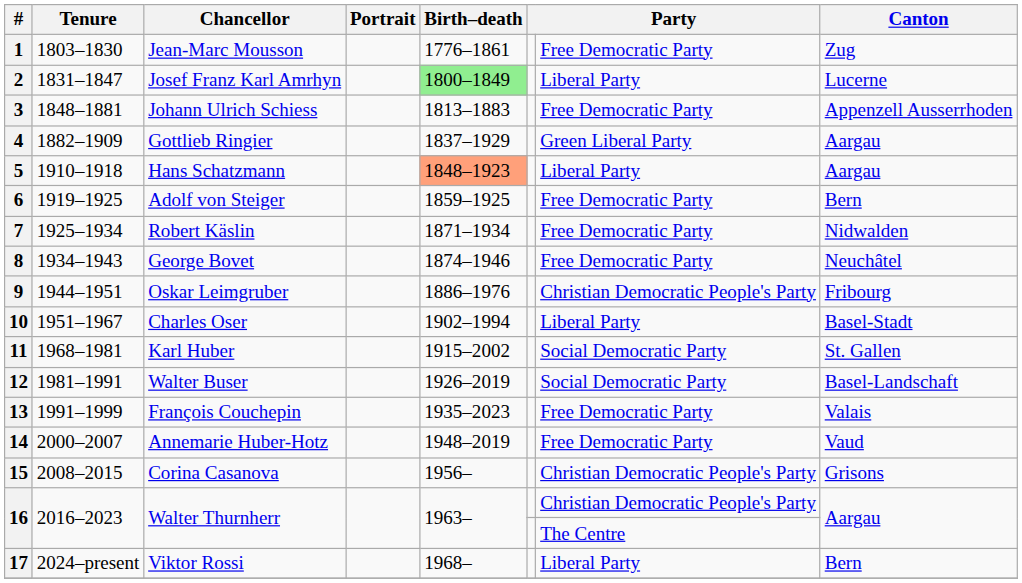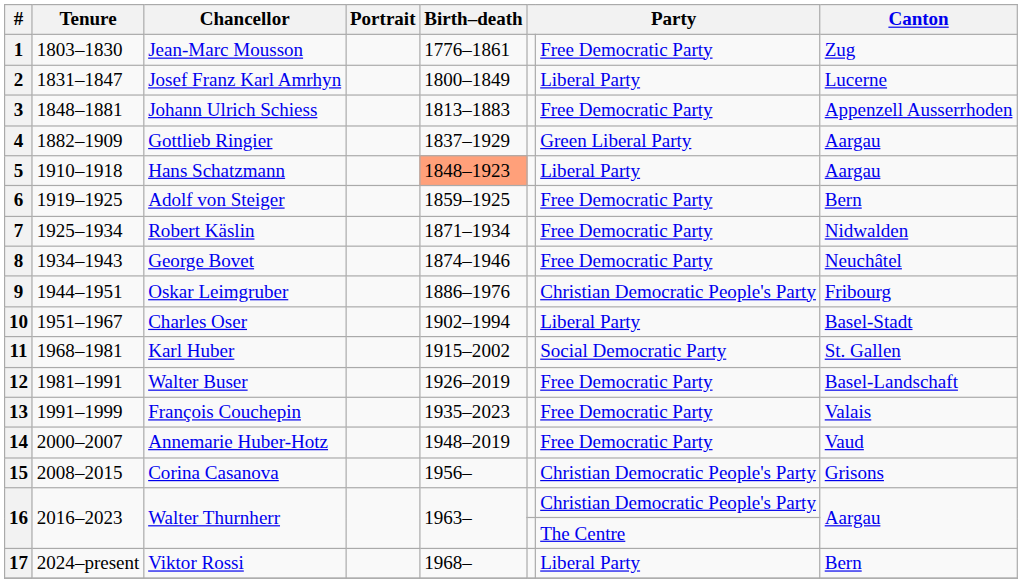 <table class="wikitable">
 <tr>
 <th>#</th>
 <th>Tenure</th>
 <th>Chancellor</th>
 <th>Portrait</th>
 <th>Birth–death</th>
 <th colspan=2>Party</th>
 <th><a href='#'>Canton</a></th>
 </tr>
 <tr>
 <th>1</th>
 <td>1803–1830</td>
 <td><a href='#'>Jean-Marc Mousson</a></td>
 <td></td>
 <td>1776–1861</td>
 <td style="background-color: "></td>
 <td><a href='#'>Free Democratic Party</a></td>
 <td><a href='#'>Zug</a></td>
 </tr>
 <tr>
 <th>2</th>
 <td>1831–1847</td>
 <td><a href='#'>Josef Franz Karl Amrhyn</a></td>
 <td></td>
-<td style="background: lightgreen;">1800–1849</td>
+<td>1800–1849</td>
 <td style="background-color: "></td>
 <td><a href='#'>Liberal Party</a></td>
 <td><a href='#'>Lucerne</a></td>
 </tr>
 <tr>
 <th>3</th>
 <td>1848–1881</td>
 <td><a href='#'>Johann Ulrich Schiess</a></td>
 <td></td>
 <td>1813–1883</td>
 <td style="background-color: "></td>
 <td><a href='#'>Free Democratic Party</a></td>
 <td><a href='#'>Appenzell Ausserrhoden</a></td>
 </tr>
 <tr>
 <th>4</th>
 <td>1882–1909</td>
 <td><a href='#'>Gottlieb Ringier</a></td>
 <td></td>
 <td>1837–1929</td>
 <td style="background-color: "></td>
 <td><a href='#'>Green Liberal Party</a></td>
 <td><a href='#'>Aargau</a></td>
 </tr>
 <tr>
 <th>5</th>
 <td>1910–1918</td>
 <td><a href='#'>Hans Schatzmann</a></td>
 <td></td>
 <td style="background: lightsalmon;">1848–1923</td>
 <td style="background-color: "></td>
 <td><a href='#'>Liberal Party</a></td>
 <td><a href='#'>Aargau</a></td>
 </tr>
 <tr>
 <th>6</th>
 <td>1919–1925</td>
 <td><a href='#'>Adolf von Steiger</a></td>
 <td></td>
 <td>1859–1925</td>
 <td style="background-color: "></td>
 <td><a href='#'>Free Democratic Party</a></td>
 <td><a href='#'>Bern</a></td>
 </tr>
 <tr>
 <th>7</th>
 <td>1925–1934</td>
 <td><a href='#'>Robert Käslin</a></td>
 <td></td>
 <td>1871–1934</td>
 <td style="background-color: "></td>
 <td><a href='#'>Free Democratic Party</a></td>
 <td><a href='#'>Nidwalden</a></td>
 </tr>
 <tr>
 <th>8</th>
 <td>1934–1943</td>
 <td><a href='#'>George Bovet</a></td>
 <td></td>
 <td>1874–1946</td>
 <td style="background-color: "></td>
 <td><a href='#'>Free Democratic Party</a></td>
 <td><a href='#'>Neuchâtel</a></td>
 </tr>
 <tr>
 <th>9</th>
 <td>1944–1951</td>
 <td><a href='#'>Oskar Leimgruber</a></td>
 <td></td>
 <td>1886–1976</td>
 <td style="background-color: "></td>
 <td><a href='#'>Christian Democratic People's Party</a></td>
 <td><a href='#'>Fribourg</a></td>
 </tr>
 <tr>
 <th>10</th>
 <td>1951–1967</td>
 <td><a href='#'>Charles Oser</a></td>
 <td></td>
 <td>1902–1994</td>
 <td style="background-color: "></td>
 <td><a href='#'>Liberal Party</a></td>
 <td><a href='#'>Basel-Stadt</a></td>
 </tr>
 <tr>
 <th>11</th>
 <td>1968–1981</td>
 <td><a href='#'>Karl Huber</a></td>
 <td></td>
 <td>1915–2002</td>
 <td style="background-color: "></td>
 <td><a href='#'>Social Democratic Party</a></td>
 <td><a href='#'>St. Gallen</a></td>
 </tr>
 <tr>
 <th>12</th>
 <td>1981–1991</td>
 <td><a href='#'>Walter Buser</a></td>
 <td></td>
 <td>1926–2019</td>
 <td style="background-color: "></td>
-<td><a href='#'>Social Democratic Party</a></td>
+<td><a href='#'>Free Democratic Party</a></td>
 <td><a href='#'>Basel-Landschaft</a></td>
 </tr>
 <tr>
 <th>13</th>
 <td>1991–1999</td>
 <td><a href='#'>François Couchepin</a></td>
 <td></td>
 <td>1935–2023</td>
 <td style="background-color: "></td>
 <td><a href='#'>Free Democratic Party</a></td>
 <td><a href='#'>Valais</a></td>
 </tr>
 <tr>
 <th>14</th>
 <td>2000–2007</td>
 <td><a href='#'>Annemarie Huber-Hotz</a></td>
 <td></td>
 <td>1948–2019</td>
 <td style="background-color: "></td>
 <td><a href='#'>Free Democratic Party</a></td>
 <td><a href='#'>Vaud</a></td>
 </tr>
 <tr>
 <th>15</th>
 <td>2008–2015</td>
 <td><a href='#'>Corina Casanova</a></td>
 <td></td>
 <td>1956–</td>
 <td style="background-color: "></td>
 <td><a href='#'>Christian Democratic People's Party</a></td>
 <td><a href='#'>Grisons</a></td>
 </tr>
 <tr>
 <th rowspan=2>16</th>
 <td rowspan=2>2016–2023</td>
 <td rowspan=2><a href='#'>Walter Thurnherr</a></td>
 <td rowspan=2></td>
 <td rowspan=2>1963–</td>
 <td style="background-color: "></td>
 <td><a href='#'>Christian Democratic People's Party</a></td>
 <td rowspan=2><a href='#'>Aargau</a></td>
 </tr>
 <tr>
 <td style="background-color: "></td>
 <td><a href='#'>The Centre</a></td>
 </tr>
 <tr>
 <th>17</th>
 <td>2024–present</td>
 <td><a href='#'>Viktor Rossi</a></td>
 <td></td>
 <td>1968–</td>
 <td style="background-color: "></td>
 <td><a href='#'>Liberal Party</a></td>
 <td><a href='#'>Bern</a></td>
 </tr>
 <tr>
 </tr>
 </table>
